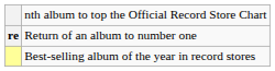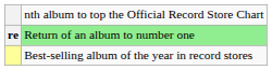 <table class="wikitable plainrowheaders" style="font-size:90%;">
 <tr>
 <th scope=col></th>
 <td>nth album to top the Official Record Store Chart</td>
 </tr>
 <tr>
 <th scope=row style="text-align:center;">re</th>
-<td>Return of an album to number one</td>
+<td style="background: lightgreen;">Return of an album to number one</td>
 </tr>
 <tr>
 <td bgcolor=#FFFF99 align=center></td>
 <td>Best-selling album of the year in record stores</td>
 </tr>
 </table>
